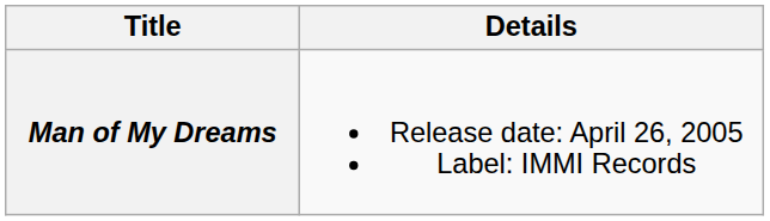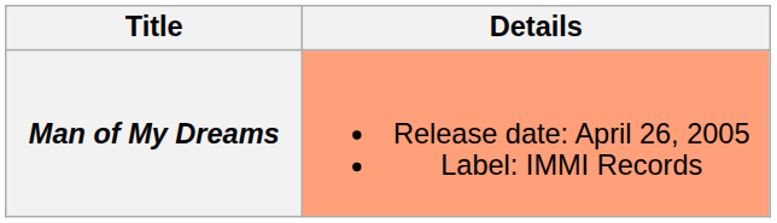 <table class="wikitable plainrowheaders" style="text-align:center;">
 <tr>
 <th style="width:10em;">Title</th>
 <th style="width:16em;">Details</th>
 </tr>
 <tr>
 <th scope="row"><em>Man of My Dreams</em></th>
-<td><br><ul><li>Release date: April 26, 2005</li><li>Label: IMMI Records</li></ul></td>
+<td style="background: lightsalmon;"><br><ul><li>Release date: April 26, 2005</li><li>Label: IMMI Records</li></ul></td>
 </tr>
 </table>
